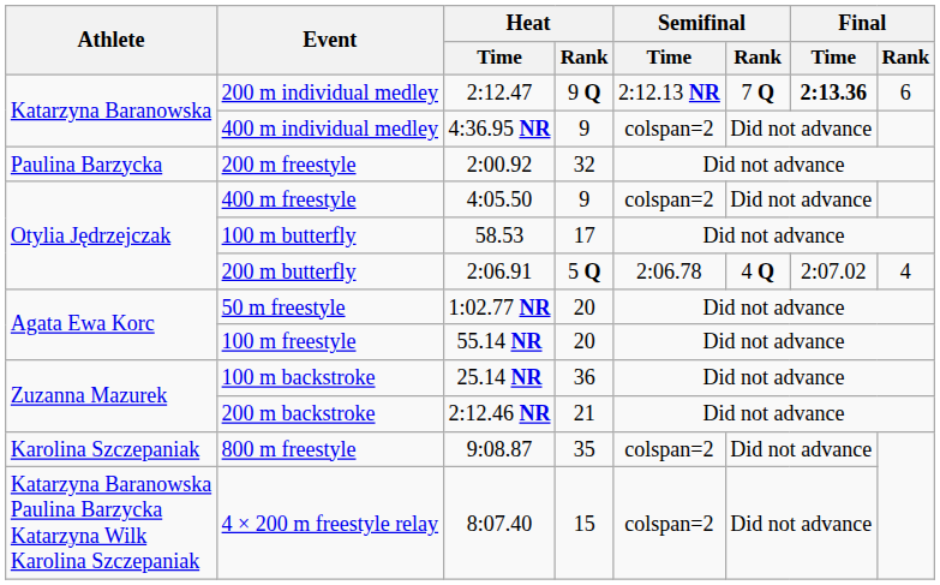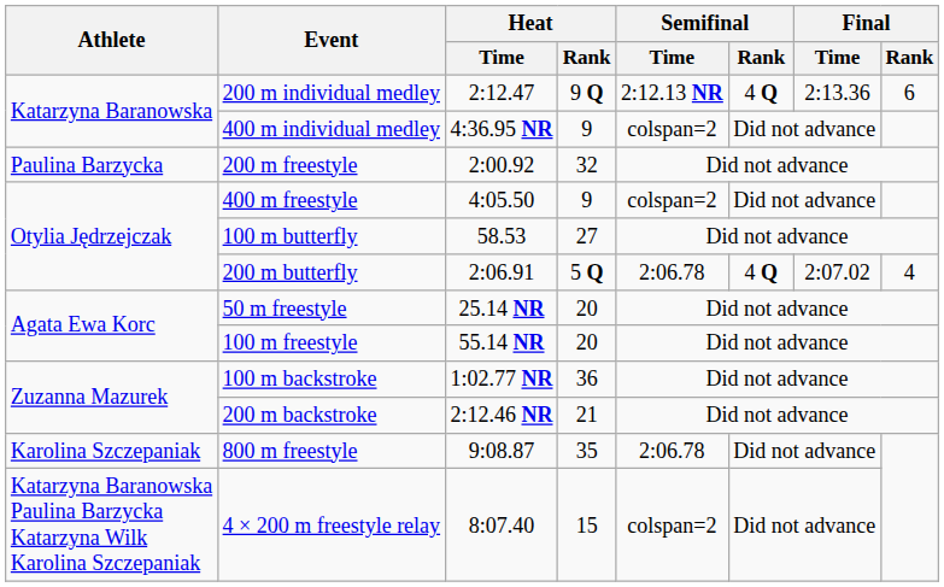 <table class=wikitable style="font-size:90%">
 <tr>
 <th rowspan="2">Athlete</th>
 <th rowspan="2">Event</th>
 <th colspan="2">Heat</th>
 <th colspan="2">Semifinal</th>
 <th colspan="2">Final</th>
 </tr>
 <tr style="font-size:95%">
 <th>Time</th>
 <th>Rank</th>
 <th>Time</th>
 <th>Rank</th>
 <th>Time</th>
 <th>Rank</th>
 </tr>
 <tr align=center>
 <td align=left rowspan=2><a href='#'>Katarzyna Baranowska</a></td>
 <td align=left><a href='#'>200 m individual medley</a></td>
 <td>2:12.47</td>
 <td>9 <strong>Q</strong></td>
 <td>2:12.13 <strong><a href='#'>NR</a></strong></td>
-<td>7 <strong>Q</strong></td>
-<td><strong>2:13.36</strong></td>
+<td>4 <strong>Q</strong></td>
+<td>2:13.36</td>
 <td>6</td>
 </tr>
 <tr align=center>
 <td align=left><a href='#'>400 m individual medley</a></td>
 <td>4:36.95 <strong><a href='#'>NR</a></strong></td>
 <td>9</td>
 <td>colspan=2 </td>
 <td colspan=2>Did not advance</td>
 </tr>
 <tr align=center>
 <td align=left><a href='#'>Paulina Barzycka</a></td>
 <td align=left><a href='#'>200 m freestyle</a></td>
 <td>2:00.92</td>
 <td>32</td>
 <td colspan=4>Did not advance</td>
 </tr>
 <tr align=center>
 <td align=left rowspan=3><a href='#'>Otylia Jędrzejczak</a></td>
 <td align=left><a href='#'>400 m freestyle</a></td>
 <td>4:05.50</td>
 <td>9</td>
 <td>colspan=2 </td>
 <td colspan=2>Did not advance</td>
 </tr>
 <tr align=center>
 <td align=left><a href='#'>100 m butterfly</a></td>
 <td>58.53</td>
-<td>17</td>
+<td>27</td>
 <td colspan=4>Did not advance</td>
 </tr>
 <tr align=center>
 <td align=left><a href='#'>200 m butterfly</a></td>
 <td>2:06.91</td>
 <td>5 <strong>Q</strong></td>
 <td>2:06.78</td>
 <td>4 <strong>Q</strong></td>
 <td>2:07.02</td>
 <td>4</td>
 </tr>
 <tr align=center>
 <td align=left rowspan=2><a href='#'>Agata Ewa Korc</a></td>
 <td align=left><a href='#'>50 m freestyle</a></td>
-<td>1:02.77 <strong><a href='#'>NR</a></strong></td>
+<td>25.14 <strong><a href='#'>NR</a></strong></td>
 <td>20</td>
 <td colspan=4>Did not advance</td>
 </tr>
 <tr align=center>
 <td align=left><a href='#'>100 m freestyle</a></td>
 <td>55.14 <strong><a href='#'>NR</a></strong></td>
 <td>20</td>
 <td colspan=4>Did not advance</td>
 </tr>
 <tr align=center>
 <td align=left rowspan=2><a href='#'>Zuzanna Mazurek</a></td>
 <td align=left><a href='#'>100 m backstroke</a></td>
-<td>25.14 <strong><a href='#'>NR</a></strong></td>
+<td>1:02.77 <strong><a href='#'>NR</a></strong></td>
 <td>36</td>
 <td colspan=4>Did not advance</td>
 </tr>
 <tr align=center>
 <td align=left><a href='#'>200 m backstroke</a></td>
 <td>2:12.46 <strong><a href='#'>NR</a></strong></td>
 <td>21</td>
 <td colspan=4>Did not advance</td>
 </tr>
 <tr align=center>
 <td align=left><a href='#'>Karolina Szczepaniak</a></td>
 <td align=left><a href='#'>800 m freestyle</a></td>
 <td>9:08.87</td>
 <td>35</td>
-<td>colspan=2 </td>
+<td>2:06.78</td>
 <td colspan=2>Did not advance</td>
 </tr>
 <tr align=center>
 <td align=left><a href='#'>Katarzyna Baranowska</a><br><a href='#'>Paulina Barzycka</a><br><a href='#'>Katarzyna Wilk</a><br><a href='#'>Karolina Szczepaniak</a></td>
 <td align=left><a href='#'>4 × 200 m freestyle relay</a></td>
 <td>8:07.40</td>
 <td>15</td>
 <td>colspan=2 </td>
 <td colspan=2>Did not advance</td>
 </tr>
 </table>
